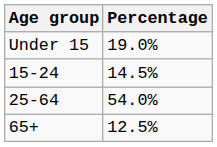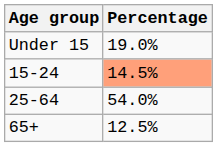 <table class="wikitable">
 <tr>
 <th>Age group</th>
 <th>Percentage</th>
 </tr>
 <tr>
 <td>Under 15</td>
 <td>19.0%</td>
 </tr>
 <tr>
 <td>15-24</td>
-<td>14.5%</td>
+<td style="background: lightsalmon;">14.5%</td>
 </tr>
 <tr>
 <td>25-64</td>
 <td>54.0%</td>
 </tr>
 <tr>
 <td>65+</td>
 <td>12.5%</td>
 </tr>
 </table>
